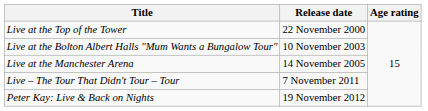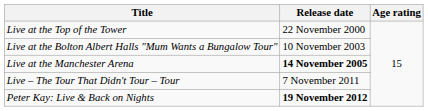 <table class="wikitable">
 <tr>
 <th>Title</th>
 <th>Release date</th>
 <th>Age rating</th>
 </tr>
 <tr>
 <td><em>Live at the Top of the Tower</em></td>
 <td>22 November 2000</td>
 <td rowspan="5" align="center">15</td>
 </tr>
 <tr>
 <td><em>Live at the Bolton Albert Halls "Mum Wants a Bungalow Tour"</em></td>
 <td>10 November 2003</td>
 </tr>
 <tr>
 <td><em>Live at the Manchester Arena</em></td>
-<td>14 November 2005</td>
+<td><strong>14 November 2005</strong></td>
 </tr>
 <tr>
 <td><em>Live – The Tour That Didn't Tour – Tour</em></td>
 <td>7 November 2011</td>
 </tr>
 <tr>
 <td><em>Peter Kay: Live & Back on Nights</em></td>
-<td>19 November 2012</td>
+<td><strong>19 November 2012</strong></td>
 </tr>
 </table>
